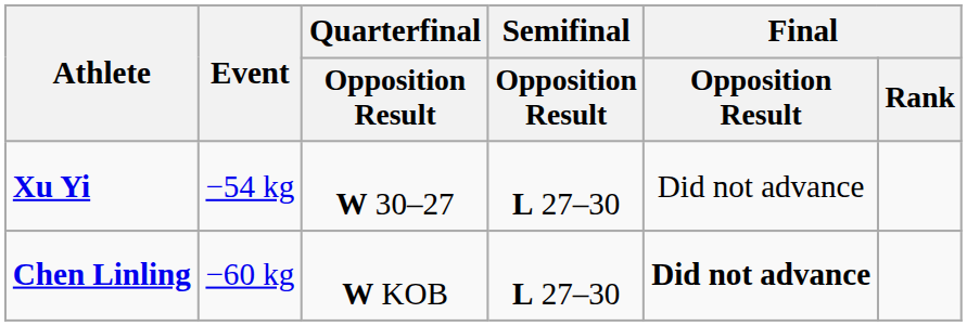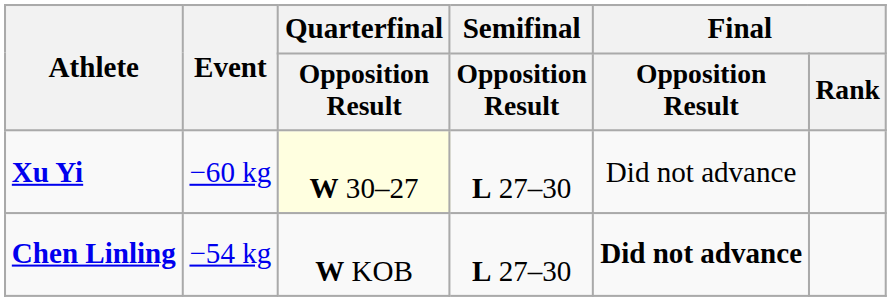 <table class="wikitable" style="font-size:90%">
 <tr>
 <th rowspan=2>Athlete</th>
 <th rowspan=2>Event</th>
 <th>Quarterfinal</th>
 <th>Semifinal</th>
 <th colspan=2>Final</th>
 </tr>
 <tr style="font-size: 95%">
 <th>Opposition<br>Result</th>
 <th>Opposition<br>Result</th>
 <th>Opposition<br>Result</th>
 <th>Rank</th>
 </tr>
 <tr align=center>
 <td align=left><strong><a href='#'>Xu Yi</a></strong></td>
-<td align=left><a href='#'>−54 kg</a></td>
-<td><br><strong>W</strong> 30–27</td>
+<td align=left><a href='#'>−60 kg</a></td>
+<td style="background: lightyellow;"><br><strong>W</strong> 30–27</td>
 <td><br><strong>L</strong> 27–30</td>
 <td colspan=1>Did not advance</td>
 <td></td>
 </tr>
 <tr align=center>
 <td align=left><strong><a href='#'>Chen Linling</a></strong></td>
-<td align=left><a href='#'>−60 kg</a></td>
+<td align=left><a href='#'>−54 kg</a></td>
 <td><br><strong>W</strong> KOB</td>
 <td><br><strong>L</strong> 27–30</td>
 <td colspan=1><strong>Did not advance</strong></td>
 <td></td>
 </tr>
 </table>
